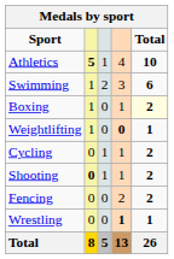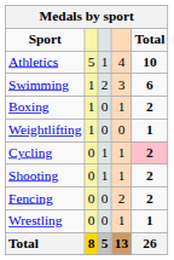 <table class="wikitable" style="text-align:center;font-size:90%">
 <tr style="background:#efefef;">
 <th colspan=7><strong>Medals by sport</strong></th>
 </tr>
 <tr>
 <td><strong>Sport</strong></td>
 <td bgcolor=#f7f6a8></td>
 <td bgcolor=#dce5e5></td>
 <td bgcolor=#ffdab9></td>
 <td><strong>Total</strong></td>
 </tr>
 <tr>
 <td style="text-align:left;"><a href='#'>Athletics</a></td>
-<td style="background:#F7F6A8;"><strong>5</strong></td>
+<td style="background:#F7F6A8;">5</td>
 <td style="background:#DCE5E5;">1</td>
 <td style="background:#FFDAB9;">4</td>
 <td><strong>10</strong></td>
 </tr>
 <tr>
 <td style="text-align:left;"><a href='#'>Swimming</a></td>
 <td style="background:#F7F6A8;">1</td>
 <td style="background:#DCE5E5;">2</td>
 <td style="background:#FFDAB9;">3</td>
 <td><strong>6</strong></td>
 </tr>
 <tr>
 <td style="text-align:left;"><a href='#'>Boxing</a></td>
 <td style="background:#F7F6A8;">1</td>
 <td style="background:#DCE5E5;">0</td>
 <td style="background:#FFDAB9;">1</td>
-<td style="background: lightyellow;"><strong>2</strong></td>
+<td><strong>2</strong></td>
 </tr>
 <tr>
 <td style="text-align:left;"><a href='#'>Weightlifting</a></td>
 <td style="background:#F7F6A8;">1</td>
 <td style="background:#DCE5E5;">0</td>
-<td style="background:#FFDAB9;"><strong>0</strong></td>
+<td style="background:#FFDAB9;">0</td>
 <td><strong>1</strong></td>
 </tr>
 <tr>
 <td style="text-align:left;"><a href='#'>Cycling</a></td>
 <td style="background:#F7F6A8;">0</td>
 <td style="background:#DCE5E5;">1</td>
 <td style="background:#FFDAB9;">1</td>
-<td><strong>2</strong></td>
+<td style="background: pink;"><strong>2</strong></td>
 </tr>
 <tr>
 <td style="text-align:left;"><a href='#'>Shooting</a></td>
-<td style="background:#F7F6A8;"><strong>0</strong></td>
+<td style="background:#F7F6A8;">0</td>
 <td style="background:#DCE5E5;">1</td>
 <td style="background:#FFDAB9;">1</td>
 <td><strong>2</strong></td>
 </tr>
 <tr>
 <td style="text-align:left;"><a href='#'>Fencing</a></td>
 <td style="background:#F7F6A8;">0</td>
 <td style="background:#DCE5E5;">0</td>
 <td style="background:#FFDAB9;">2</td>
 <td><strong>2</strong></td>
 </tr>
 <tr>
 <td style="text-align:left;"><a href='#'>Wrestling</a></td>
 <td style="background:#F7F6A8;">0</td>
 <td style="background:#DCE5E5;">0</td>
-<td style="background:#FFDAB9;"><strong>1</strong></td>
+<td style="background:#FFDAB9;">1</td>
 <td><strong>1</strong></td>
 </tr>
 <tr>
 <th style="text-align:left;"><strong>Total</strong></th>
 <th style="background:gold;"><strong>8</strong></th>
 <th style="background:silver;"><strong>5</strong></th>
 <th style="background:#c96;"><strong>13</strong></th>
 <th><strong>26</strong></th>
 </tr>
 </table>
